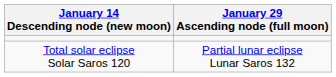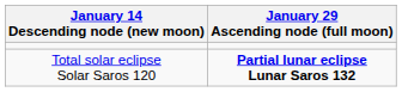 <table class="wikitable">
 <tr>
 <th><a href='#'>January 14</a><br>Descending node (new moon)</th>
 <th><a href='#'>January 29</a><br>Ascending node (full moon)</th>
 </tr>
 <tr>
 <td></td>
 <td></td>
 </tr>
 <tr align=center>
 <td><a href='#'>Total solar eclipse</a><br>Solar Saros 120</td>
-<td><a href='#'>Partial lunar eclipse</a><br>Lunar Saros 132</td>
+<td><strong><a href='#'>Partial lunar eclipse</a><br>Lunar Saros 132</strong></td>
 </tr>
 </table>
